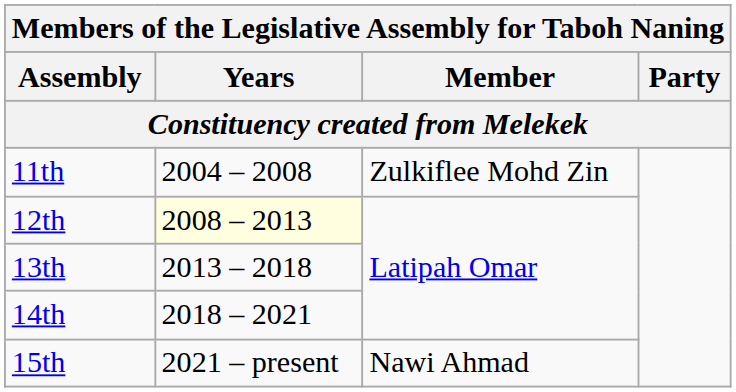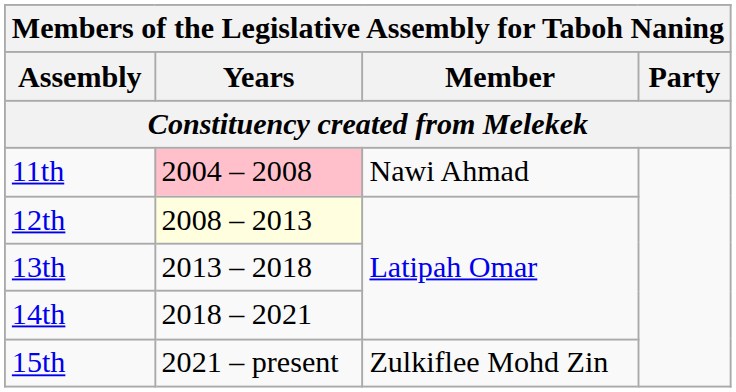 <table class=wikitable>
 <tr>
 <th colspan=4>Members of the Legislative Assembly for Taboh Naning</th>
 </tr>
 <tr>
 <th>Assembly</th>
 <th>Years</th>
 <th>Member</th>
 <th>Party</th>
 </tr>
 <tr>
 <th colspan=4 align=center><em>Constituency created from Melekek</em></th>
 </tr>
 <tr>
 <td><a href='#'>11th</a></td>
-<td>2004 – 2008</td>
-<td>Zulkiflee Mohd Zin</td>
+<td style="background: pink;">2004 – 2008</td>
+<td>Nawi Ahmad</td>
 <td rowspan="5"></td>
 </tr>
 <tr>
 <td><a href='#'>12th</a></td>
 <td style="background: lightyellow;">2008 – 2013</td>
 <td rowspan="3"><a href='#'>Latipah Omar</a></td>
 </tr>
 <tr>
 <td><a href='#'>13th</a></td>
 <td>2013 – 2018</td>
 </tr>
 <tr>
 <td><a href='#'>14th</a></td>
 <td>2018 – 2021</td>
 </tr>
 <tr>
 <td><a href='#'>15th</a></td>
 <td>2021 – present</td>
-<td>Nawi Ahmad</td>
+<td>Zulkiflee Mohd Zin</td>
 </tr>
 </table>
